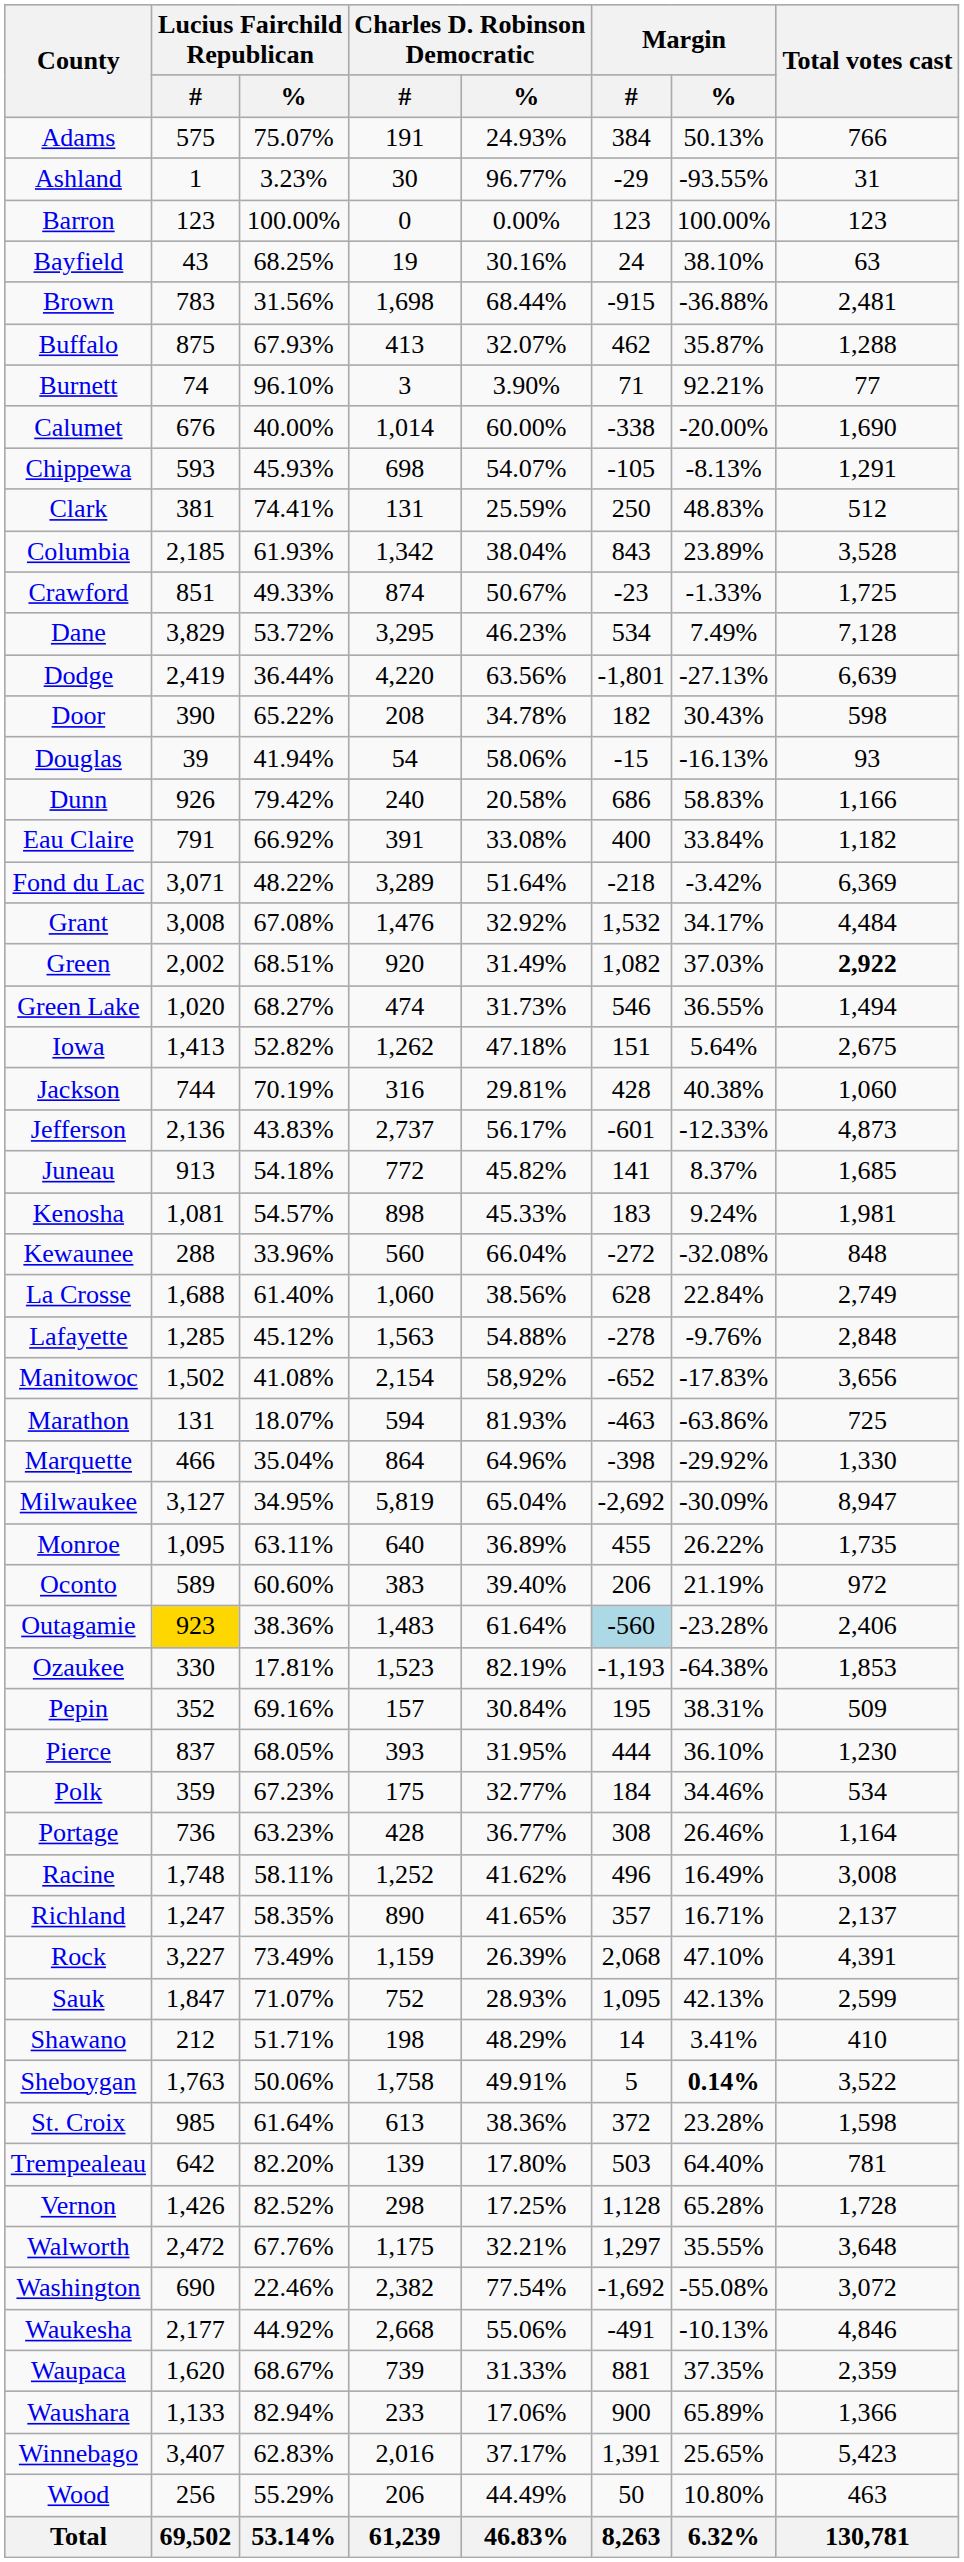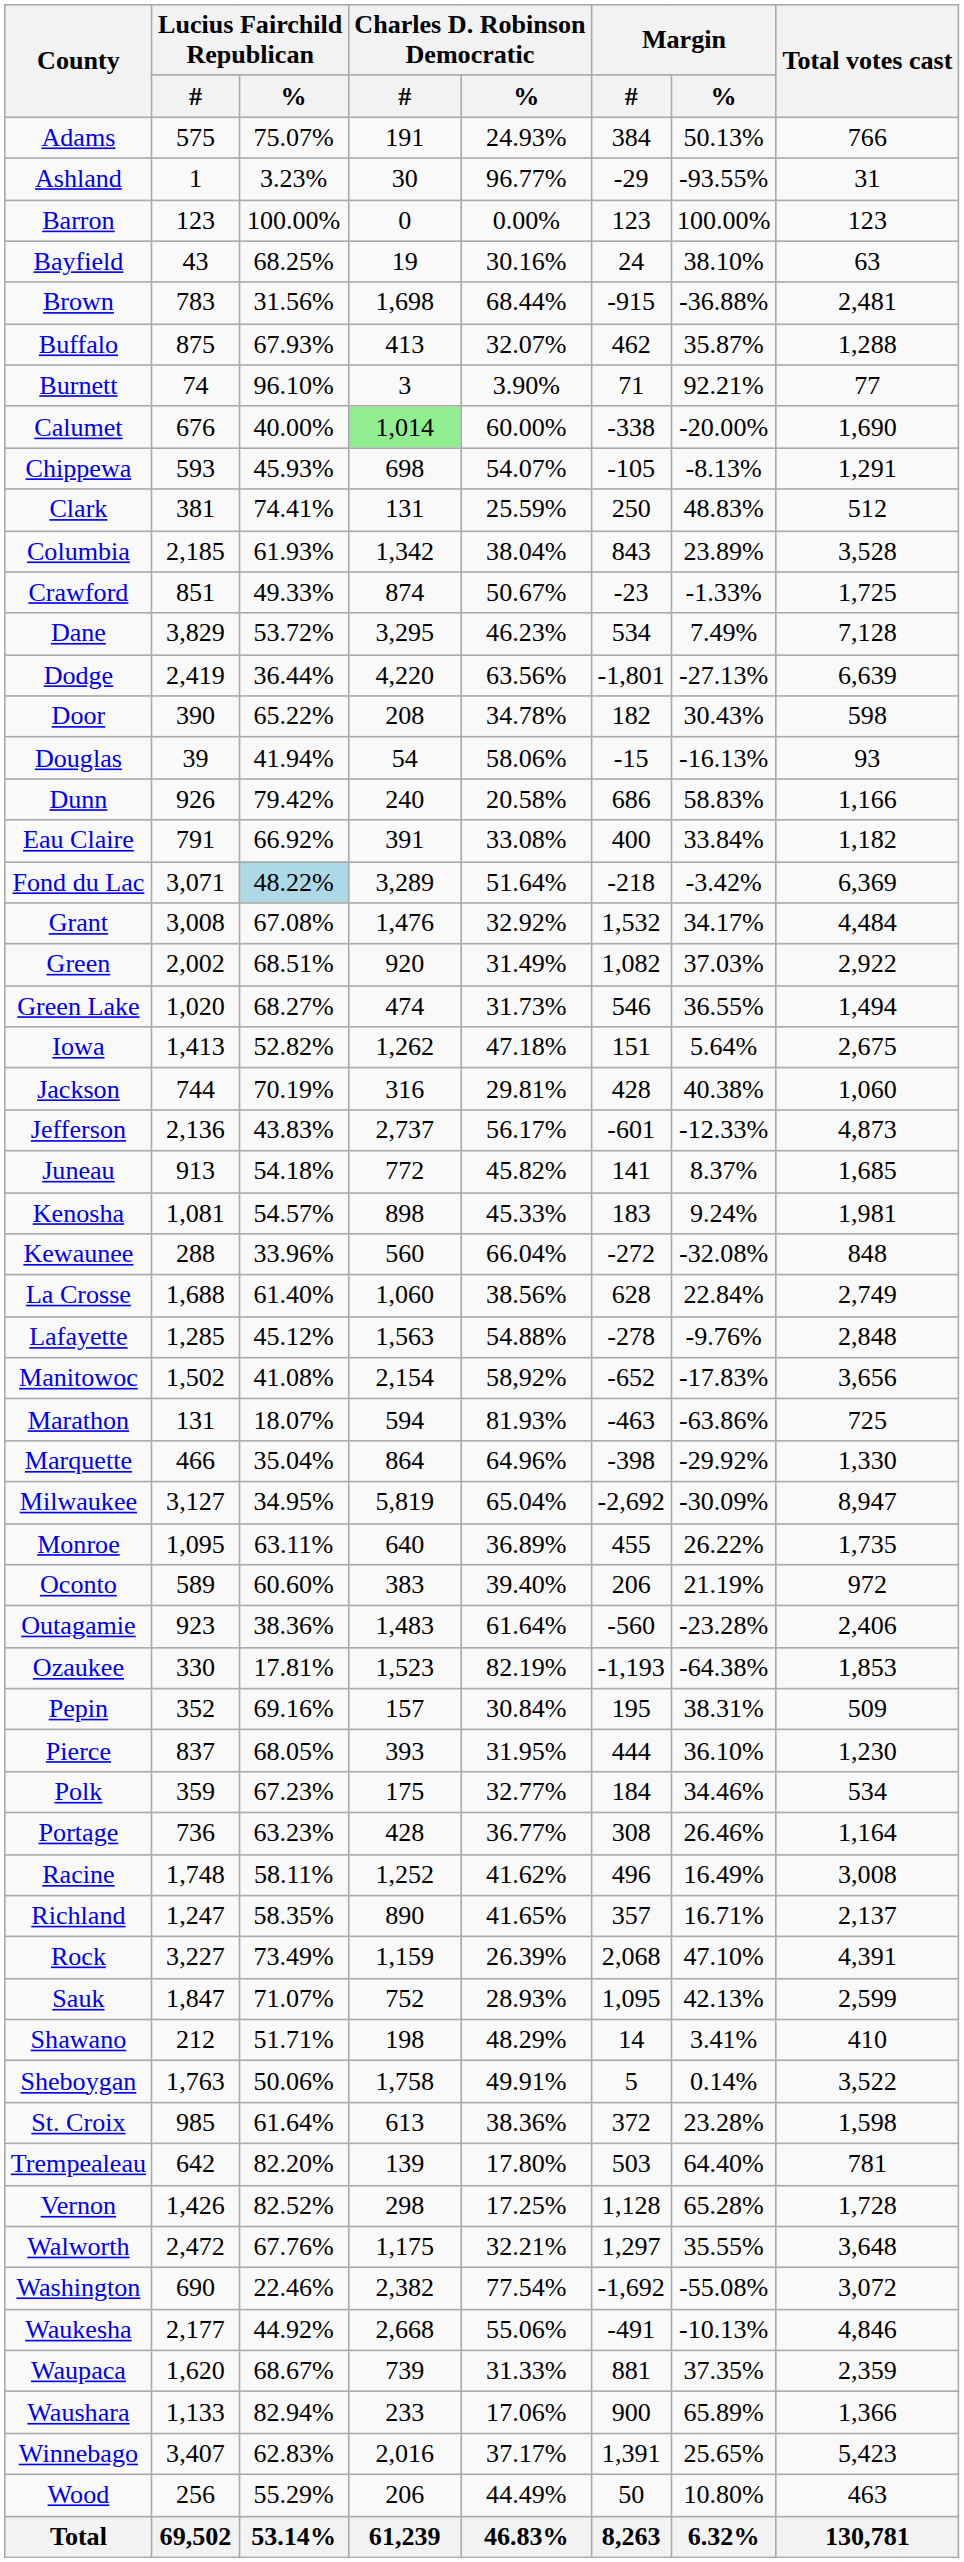 <table class="wikitable sortable" style="text-align:center">
 <tr>
 <th rowspan="2" style="text-align:center;">County</th>
 <th colspan="2" style="text-align:center;">Lucius Fairchild<br>Republican</th>
 <th colspan="2" style="text-align:center;">Charles D. Robinson<br>Democratic</th>
 <th colspan="2" style="text-align:center;">Margin</th>
 <th rowspan="2" style="text-align:center;">Total votes cast</th>
 </tr>
 <tr>
 <th style="text-align:center;" data-sort-type="number">#</th>
 <th style="text-align:center;" data-sort-type="number">%</th>
 <th style="text-align:center;" data-sort-type="number">#</th>
 <th style="text-align:center;" data-sort-type="number">%</th>
 <th style="text-align:center;" data-sort-type="number">#</th>
 <th style="text-align:center;" data-sort-type="number">%</th>
 </tr>
 <tr style="text-align:center;">
 <td><a href='#'>Adams</a></td>
 <td>575</td>
 <td>75.07%</td>
 <td>191</td>
 <td>24.93%</td>
 <td>384</td>
 <td>50.13%</td>
 <td>766</td>
 </tr>
 <tr style="text-align:center;">
 <td><a href='#'>Ashland</a></td>
 <td>1</td>
 <td>3.23%</td>
 <td>30</td>
 <td>96.77%</td>
 <td>-29</td>
 <td>-93.55%</td>
 <td>31</td>
 </tr>
 <tr style="text-align:center;">
 <td><a href='#'>Barron</a></td>
 <td>123</td>
 <td>100.00%</td>
 <td>0</td>
 <td>0.00%</td>
 <td>123</td>
 <td>100.00%</td>
 <td>123</td>
 </tr>
 <tr style="text-align:center;">
 <td><a href='#'>Bayfield</a></td>
 <td>43</td>
 <td>68.25%</td>
 <td>19</td>
 <td>30.16%</td>
 <td>24</td>
 <td>38.10%</td>
 <td>63</td>
 </tr>
 <tr style="text-align:center;">
 <td><a href='#'>Brown</a></td>
 <td>783</td>
 <td>31.56%</td>
 <td>1,698</td>
 <td>68.44%</td>
 <td>-915</td>
 <td>-36.88%</td>
 <td>2,481</td>
 </tr>
 <tr style="text-align:center;">
 <td><a href='#'>Buffalo</a></td>
 <td>875</td>
 <td>67.93%</td>
 <td>413</td>
 <td>32.07%</td>
 <td>462</td>
 <td>35.87%</td>
 <td>1,288</td>
 </tr>
 <tr style="text-align:center;">
 <td><a href='#'>Burnett</a></td>
 <td>74</td>
 <td>96.10%</td>
 <td>3</td>
 <td>3.90%</td>
 <td>71</td>
 <td>92.21%</td>
 <td>77</td>
 </tr>
 <tr style="text-align:center;">
 <td><a href='#'>Calumet</a></td>
 <td>676</td>
 <td>40.00%</td>
-<td>1,014</td>
+<td style="background: lightgreen;">1,014</td>
 <td>60.00%</td>
 <td>-338</td>
 <td>-20.00%</td>
 <td>1,690</td>
 </tr>
 <tr style="text-align:center;">
 <td><a href='#'>Chippewa</a></td>
 <td>593</td>
 <td>45.93%</td>
 <td>698</td>
 <td>54.07%</td>
 <td>-105</td>
 <td>-8.13%</td>
 <td>1,291</td>
 </tr>
 <tr style="text-align:center;">
 <td><a href='#'>Clark</a></td>
 <td>381</td>
 <td>74.41%</td>
 <td>131</td>
 <td>25.59%</td>
 <td>250</td>
 <td>48.83%</td>
 <td>512</td>
 </tr>
 <tr style="text-align:center;">
 <td><a href='#'>Columbia</a></td>
 <td>2,185</td>
 <td>61.93%</td>
 <td>1,342</td>
 <td>38.04%</td>
 <td>843</td>
 <td>23.89%</td>
 <td>3,528</td>
 </tr>
 <tr style="text-align:center;">
 <td><a href='#'>Crawford</a></td>
 <td>851</td>
 <td>49.33%</td>
 <td>874</td>
 <td>50.67%</td>
 <td>-23</td>
 <td>-1.33%</td>
 <td>1,725</td>
 </tr>
 <tr style="text-align:center;">
 <td><a href='#'>Dane</a></td>
 <td>3,829</td>
 <td>53.72%</td>
 <td>3,295</td>
 <td>46.23%</td>
 <td>534</td>
 <td>7.49%</td>
 <td>7,128</td>
 </tr>
 <tr style="text-align:center;">
 <td><a href='#'>Dodge</a></td>
 <td>2,419</td>
 <td>36.44%</td>
 <td>4,220</td>
 <td>63.56%</td>
 <td>-1,801</td>
 <td>-27.13%</td>
 <td>6,639</td>
 </tr>
 <tr style="text-align:center;">
 <td><a href='#'>Door</a></td>
 <td>390</td>
 <td>65.22%</td>
 <td>208</td>
 <td>34.78%</td>
 <td>182</td>
 <td>30.43%</td>
 <td>598</td>
 </tr>
 <tr style="text-align:center;">
 <td><a href='#'>Douglas</a></td>
 <td>39</td>
 <td>41.94%</td>
 <td>54</td>
 <td>58.06%</td>
 <td>-15</td>
 <td>-16.13%</td>
 <td>93</td>
 </tr>
 <tr style="text-align:center;">
 <td><a href='#'>Dunn</a></td>
 <td>926</td>
 <td>79.42%</td>
 <td>240</td>
 <td>20.58%</td>
 <td>686</td>
 <td>58.83%</td>
 <td>1,166</td>
 </tr>
 <tr style="text-align:center;">
 <td><a href='#'>Eau Claire</a></td>
 <td>791</td>
 <td>66.92%</td>
 <td>391</td>
 <td>33.08%</td>
 <td>400</td>
 <td>33.84%</td>
 <td>1,182</td>
 </tr>
 <tr style="text-align:center;">
 <td><a href='#'>Fond du Lac</a></td>
 <td>3,071</td>
-<td>48.22%</td>
+<td style="background: lightblue;">48.22%</td>
 <td>3,289</td>
 <td>51.64%</td>
 <td>-218</td>
 <td>-3.42%</td>
 <td>6,369</td>
 </tr>
 <tr style="text-align:center;">
 <td><a href='#'>Grant</a></td>
 <td>3,008</td>
 <td>67.08%</td>
 <td>1,476</td>
 <td>32.92%</td>
 <td>1,532</td>
 <td>34.17%</td>
 <td>4,484</td>
 </tr>
 <tr style="text-align:center;">
 <td><a href='#'>Green</a></td>
 <td>2,002</td>
 <td>68.51%</td>
 <td>920</td>
 <td>31.49%</td>
 <td>1,082</td>
 <td>37.03%</td>
-<td><strong>2,922</strong></td>
+<td>2,922</td>
 </tr>
 <tr style="text-align:center;">
 <td><a href='#'>Green Lake</a></td>
 <td>1,020</td>
 <td>68.27%</td>
 <td>474</td>
 <td>31.73%</td>
 <td>546</td>
 <td>36.55%</td>
 <td>1,494</td>
 </tr>
 <tr style="text-align:center;">
 <td><a href='#'>Iowa</a></td>
 <td>1,413</td>
 <td>52.82%</td>
 <td>1,262</td>
 <td>47.18%</td>
 <td>151</td>
 <td>5.64%</td>
 <td>2,675</td>
 </tr>
 <tr style="text-align:center;">
 <td><a href='#'>Jackson</a></td>
 <td>744</td>
 <td>70.19%</td>
 <td>316</td>
 <td>29.81%</td>
 <td>428</td>
 <td>40.38%</td>
 <td>1,060</td>
 </tr>
 <tr style="text-align:center;">
 <td><a href='#'>Jefferson</a></td>
 <td>2,136</td>
 <td>43.83%</td>
 <td>2,737</td>
 <td>56.17%</td>
 <td>-601</td>
 <td>-12.33%</td>
 <td>4,873</td>
 </tr>
 <tr style="text-align:center;">
 <td><a href='#'>Juneau</a></td>
 <td>913</td>
 <td>54.18%</td>
 <td>772</td>
 <td>45.82%</td>
 <td>141</td>
 <td>8.37%</td>
 <td>1,685</td>
 </tr>
 <tr style="text-align:center;">
 <td><a href='#'>Kenosha</a></td>
 <td>1,081</td>
 <td>54.57%</td>
 <td>898</td>
 <td>45.33%</td>
 <td>183</td>
 <td>9.24%</td>
 <td>1,981</td>
 </tr>
 <tr style="text-align:center;">
 <td><a href='#'>Kewaunee</a></td>
 <td>288</td>
 <td>33.96%</td>
 <td>560</td>
 <td>66.04%</td>
 <td>-272</td>
 <td>-32.08%</td>
 <td>848</td>
 </tr>
 <tr style="text-align:center;">
 <td><a href='#'>La Crosse</a></td>
 <td>1,688</td>
 <td>61.40%</td>
 <td>1,060</td>
 <td>38.56%</td>
 <td>628</td>
 <td>22.84%</td>
 <td>2,749</td>
 </tr>
 <tr style="text-align:center;">
 <td><a href='#'>Lafayette</a></td>
 <td>1,285</td>
 <td>45.12%</td>
 <td>1,563</td>
 <td>54.88%</td>
 <td>-278</td>
 <td>-9.76%</td>
 <td>2,848</td>
 </tr>
 <tr style="text-align:center;">
 <td><a href='#'>Manitowoc</a></td>
 <td>1,502</td>
 <td>41.08%</td>
 <td>2,154</td>
 <td>58,92%</td>
 <td>-652</td>
 <td>-17.83%</td>
 <td>3,656</td>
 </tr>
 <tr style="text-align:center;">
 <td><a href='#'>Marathon</a></td>
 <td>131</td>
 <td>18.07%</td>
 <td>594</td>
 <td>81.93%</td>
 <td>-463</td>
 <td>-63.86%</td>
 <td>725</td>
 </tr>
 <tr style="text-align:center;">
 <td><a href='#'>Marquette</a></td>
 <td>466</td>
 <td>35.04%</td>
 <td>864</td>
 <td>64.96%</td>
 <td>-398</td>
 <td>-29.92%</td>
 <td>1,330</td>
 </tr>
 <tr style="text-align:center;">
 <td><a href='#'>Milwaukee</a></td>
 <td>3,127</td>
 <td>34.95%</td>
 <td>5,819</td>
 <td>65.04%</td>
 <td>-2,692</td>
 <td>-30.09%</td>
 <td>8,947</td>
 </tr>
 <tr style="text-align:center;">
 <td><a href='#'>Monroe</a></td>
 <td>1,095</td>
 <td>63.11%</td>
 <td>640</td>
 <td>36.89%</td>
 <td>455</td>
 <td>26.22%</td>
 <td>1,735</td>
 </tr>
 <tr style="text-align:center;">
 <td><a href='#'>Oconto</a></td>
 <td>589</td>
 <td>60.60%</td>
 <td>383</td>
 <td>39.40%</td>
 <td>206</td>
 <td>21.19%</td>
 <td>972</td>
 </tr>
 <tr style="text-align:center;">
 <td><a href='#'>Outagamie</a></td>
-<td style="background: gold;">923</td>
+<td>923</td>
 <td>38.36%</td>
 <td>1,483</td>
 <td>61.64%</td>
-<td style="background: lightblue;">-560</td>
+<td>-560</td>
 <td>-23.28%</td>
 <td>2,406</td>
 </tr>
 <tr style="text-align:center;">
 <td><a href='#'>Ozaukee</a></td>
 <td>330</td>
 <td>17.81%</td>
 <td>1,523</td>
 <td>82.19%</td>
 <td>-1,193</td>
 <td>-64.38%</td>
 <td>1,853</td>
 </tr>
 <tr style="text-align:center;">
 <td><a href='#'>Pepin</a></td>
 <td>352</td>
 <td>69.16%</td>
 <td>157</td>
 <td>30.84%</td>
 <td>195</td>
 <td>38.31%</td>
 <td>509</td>
 </tr>
 <tr style="text-align:center;">
 <td><a href='#'>Pierce</a></td>
 <td>837</td>
 <td>68.05%</td>
 <td>393</td>
 <td>31.95%</td>
 <td>444</td>
 <td>36.10%</td>
 <td>1,230</td>
 </tr>
 <tr style="text-align:center;">
 <td><a href='#'>Polk</a></td>
 <td>359</td>
 <td>67.23%</td>
 <td>175</td>
 <td>32.77%</td>
 <td>184</td>
 <td>34.46%</td>
 <td>534</td>
 </tr>
 <tr style="text-align:center;">
 <td><a href='#'>Portage</a></td>
 <td>736</td>
 <td>63.23%</td>
 <td>428</td>
 <td>36.77%</td>
 <td>308</td>
 <td>26.46%</td>
 <td>1,164</td>
 </tr>
 <tr style="text-align:center;">
 <td><a href='#'>Racine</a></td>
 <td>1,748</td>
 <td>58.11%</td>
 <td>1,252</td>
 <td>41.62%</td>
 <td>496</td>
 <td>16.49%</td>
 <td>3,008</td>
 </tr>
 <tr style="text-align:center;">
 <td><a href='#'>Richland</a></td>
 <td>1,247</td>
 <td>58.35%</td>
 <td>890</td>
 <td>41.65%</td>
 <td>357</td>
 <td>16.71%</td>
 <td>2,137</td>
 </tr>
 <tr style="text-align:center;">
 <td><a href='#'>Rock</a></td>
 <td>3,227</td>
 <td>73.49%</td>
 <td>1,159</td>
 <td>26.39%</td>
 <td>2,068</td>
 <td>47.10%</td>
 <td>4,391</td>
 </tr>
 <tr style="text-align:center;">
 <td><a href='#'>Sauk</a></td>
 <td>1,847</td>
 <td>71.07%</td>
 <td>752</td>
 <td>28.93%</td>
 <td>1,095</td>
 <td>42.13%</td>
 <td>2,599</td>
 </tr>
 <tr style="text-align:center;">
 <td><a href='#'>Shawano</a></td>
 <td>212</td>
 <td>51.71%</td>
 <td>198</td>
 <td>48.29%</td>
 <td>14</td>
 <td>3.41%</td>
 <td>410</td>
 </tr>
 <tr style="text-align:center;">
 <td><a href='#'>Sheboygan</a></td>
 <td>1,763</td>
 <td>50.06%</td>
 <td>1,758</td>
 <td>49.91%</td>
 <td>5</td>
-<td><strong>0.14%</strong></td>
+<td>0.14%</td>
 <td>3,522</td>
 </tr>
 <tr style="text-align:center;">
 <td><a href='#'>St. Croix</a></td>
 <td>985</td>
 <td>61.64%</td>
 <td>613</td>
 <td>38.36%</td>
 <td>372</td>
 <td>23.28%</td>
 <td>1,598</td>
 </tr>
 <tr style="text-align:center;">
 <td><a href='#'>Trempealeau</a></td>
 <td>642</td>
 <td>82.20%</td>
 <td>139</td>
 <td>17.80%</td>
 <td>503</td>
 <td>64.40%</td>
 <td>781</td>
 </tr>
 <tr style="text-align:center;">
 <td><a href='#'>Vernon</a></td>
 <td>1,426</td>
 <td>82.52%</td>
 <td>298</td>
 <td>17.25%</td>
 <td>1,128</td>
 <td>65.28%</td>
 <td>1,728</td>
 </tr>
 <tr style="text-align:center;">
 <td><a href='#'>Walworth</a></td>
 <td>2,472</td>
 <td>67.76%</td>
 <td>1,175</td>
 <td>32.21%</td>
 <td>1,297</td>
 <td>35.55%</td>
 <td>3,648</td>
 </tr>
 <tr style="text-align:center;">
 <td><a href='#'>Washington</a></td>
 <td>690</td>
 <td>22.46%</td>
 <td>2,382</td>
 <td>77.54%</td>
 <td>-1,692</td>
 <td>-55.08%</td>
 <td>3,072</td>
 </tr>
 <tr style="text-align:center;">
 <td><a href='#'>Waukesha</a></td>
 <td>2,177</td>
 <td>44.92%</td>
 <td>2,668</td>
 <td>55.06%</td>
 <td>-491</td>
 <td>-10.13%</td>
 <td>4,846</td>
 </tr>
 <tr style="text-align:center;">
 <td><a href='#'>Waupaca</a></td>
 <td>1,620</td>
 <td>68.67%</td>
 <td>739</td>
 <td>31.33%</td>
 <td>881</td>
 <td>37.35%</td>
 <td>2,359</td>
 </tr>
 <tr style="text-align:center;">
 <td><a href='#'>Waushara</a></td>
 <td>1,133</td>
 <td>82.94%</td>
 <td>233</td>
 <td>17.06%</td>
 <td>900</td>
 <td>65.89%</td>
 <td>1,366</td>
 </tr>
 <tr style="text-align:center;">
 <td><a href='#'>Winnebago</a></td>
 <td>3,407</td>
 <td>62.83%</td>
 <td>2,016</td>
 <td>37.17%</td>
 <td>1,391</td>
 <td>25.65%</td>
 <td>5,423</td>
 </tr>
 <tr style="text-align:center;">
 <td><a href='#'>Wood</a></td>
 <td>256</td>
 <td>55.29%</td>
 <td>206</td>
 <td>44.49%</td>
 <td>50</td>
 <td>10.80%</td>
 <td>463</td>
 </tr>
 <tr>
 <th>Total</th>
 <th>69,502</th>
 <th>53.14%</th>
 <th>61,239</th>
 <th>46.83%</th>
 <th>8,263</th>
 <th>6.32%</th>
 <th>130,781</th>
 </tr>
 </table>
